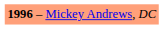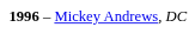 <table cellpadding="3" style="font-size:.9em">
 <tr>
 </tr>
 <tr>
 </tr>
 <tr style="vertical-align:top;">
-<td style="background: lightsalmon;"><strong>1996</strong> – <a href='#'>Mickey Andrews</a>, <em>DC</em></td>
+<td><strong>1996</strong> – <a href='#'>Mickey Andrews</a>, <em>DC</em></td>
 </tr>
 </table>
